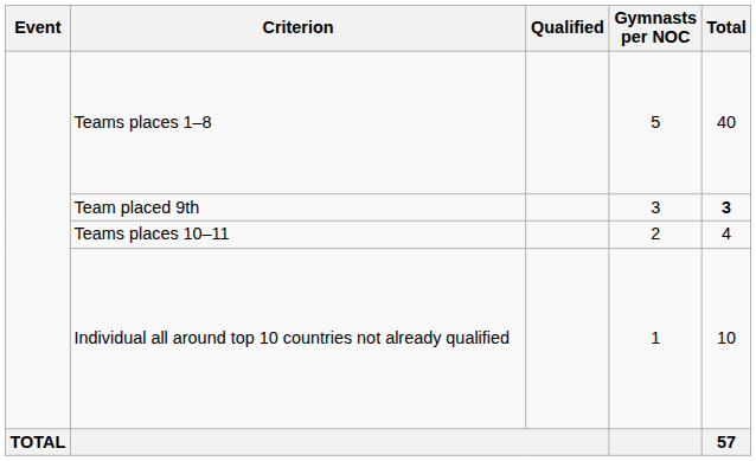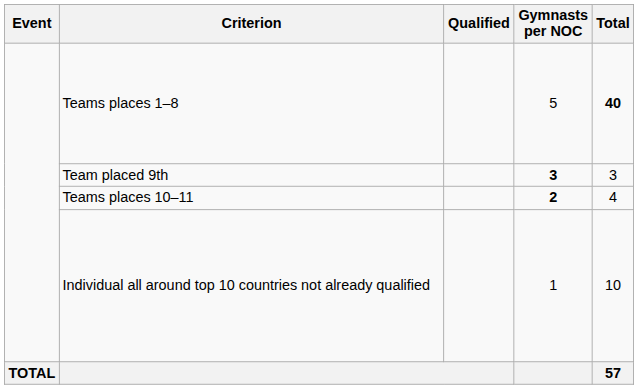 <table class="wikitable" width=700>
 <tr>
 <th>Event</th>
 <th>Criterion</th>
 <th>Qualified</th>
 <th>Gymnasts<br> per NOC</th>
 <th>Total</th>
 </tr>
 <tr>
 <td rowspan="4"></td>
 <td>Teams places 1–8</td>
 <td><br><br><br><br><br><br><br></td>
 <td align="center">5</td>
-<td align="center">40</td>
+<td align="center"><strong>40</strong></td>
 </tr>
 <tr>
 <td>Team placed 9th</td>
 <td></td>
+<td align="center"><strong>3</strong></td>
 <td align="center">3</td>
-<td align="center"><strong>3</strong></td>
 </tr>
 <tr>
 <td>Teams places 10–11</td>
 <td><br></td>
-<td align="center">2</td>
+<td align="center"><strong>2</strong></td>
 <td align="center">4</td>
 </tr>
 <tr>
 <td>Individual all around top 10 countries not already qualified</td>
 <td><br><br><br><br><br><br><br><br><br></td>
 <td align="center">1</td>
 <td align="center">10</td>
 </tr>
 <tr>
 <th>TOTAL</th>
 <th colspan="2"></th>
 <th></th>
 <th>57</th>
 </tr>
 </table>
